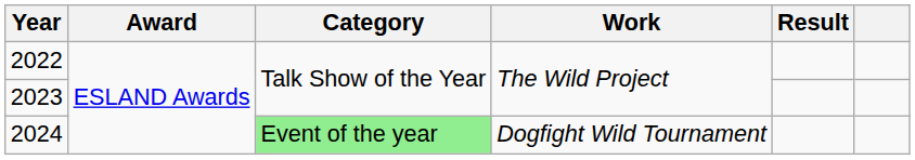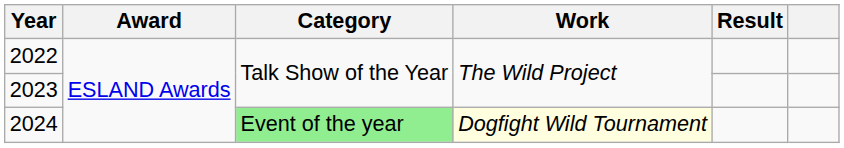 <table class="wikitable">
 <tr>
 <th width="10">Year</th>
 <th>Award</th>
 <th>Category</th>
 <th>Work</th>
 <th width="30">Result</th>
 <th width="30"></th>
 </tr>
 <tr>
 <td>2022</td>
 <td rowspan=3><a href='#'>ESLAND Awards</a></td>
 <td rowspan=2>Talk Show of the Year</td>
 <td rowspan=2><em>The Wild Project</em></td>
 <td></td>
 <td></td>
 </tr>
 <tr>
 <td>2023</td>
 <td></td>
 <td></td>
 </tr>
 <tr>
 <td>2024</td>
 <td style="background: lightgreen;">Event of the year</td>
-<td><em>Dogfight Wild Tournament</em></td>
+<td style="background: lightyellow;"><em>Dogfight Wild Tournament</em></td>
 <td></td>
 <td></td>
 </tr>
 </table>
